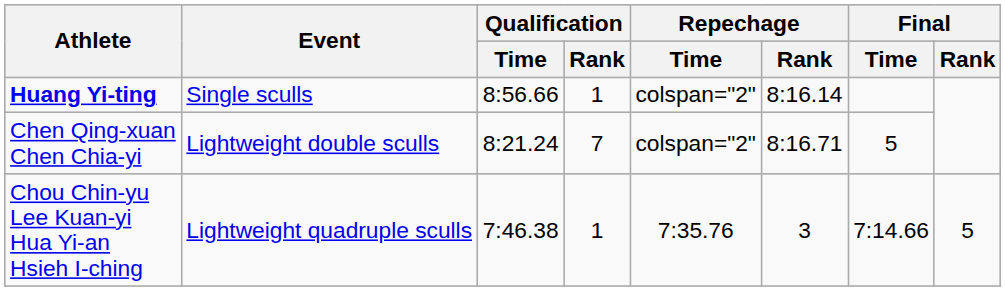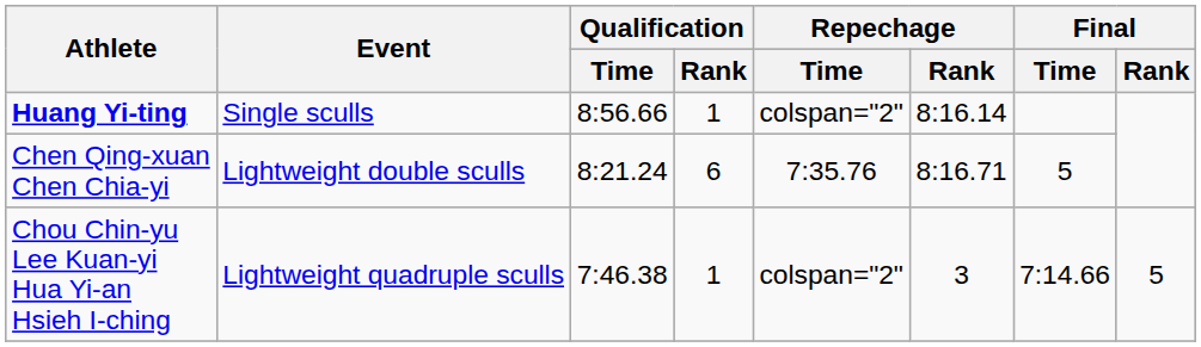 <table class="wikitable" style="font-size:90%; text-align:center">
 <tr>
 <th rowspan="2">Athlete</th>
 <th rowspan="2">Event</th>
 <th colspan="2">Qualification</th>
 <th colspan="2">Repechage</th>
 <th colspan="2">Final</th>
 </tr>
 <tr>
 <th>Time</th>
 <th>Rank</th>
 <th>Time</th>
 <th>Rank</th>
 <th>Time</th>
 <th>Rank</th>
 </tr>
 <tr>
 <td align="left"><strong><a href='#'>Huang Yi-ting</a></strong></td>
 <td align="left"><a href='#'>Single sculls</a></td>
 <td>8:56.66</td>
 <td>1 <strong></strong></td>
 <td>colspan="2" </td>
 <td>8:16.14</td>
 <td></td>
 </tr>
 <tr>
 <td align="left"><a href='#'>Chen Qing-xuan</a><br><a href='#'>Chen Chia-yi</a></td>
 <td align="left"><a href='#'>Lightweight double sculls</a></td>
 <td>8:21.24</td>
-<td>7 <strong></strong></td>
-<td>colspan="2" </td>
+<td>6 <strong></strong></td>
+<td>7:35.76</td>
 <td>8:16.71</td>
 <td>5</td>
 </tr>
 <tr>
 <td align="left"><a href='#'>Chou Chin-yu</a><br><a href='#'>Lee Kuan-yi</a><br><a href='#'>Hua Yi-an</a><br><a href='#'>Hsieh I-ching</a></td>
 <td align="left"><a href='#'>Lightweight quadruple sculls</a></td>
 <td>7:46.38</td>
 <td>1 <strong></strong></td>
-<td>7:35.76</td>
+<td>colspan="2" </td>
 <td>3 <strong></strong></td>
 <td>7:14.66</td>
 <td>5</td>
 </tr>
 </table>
